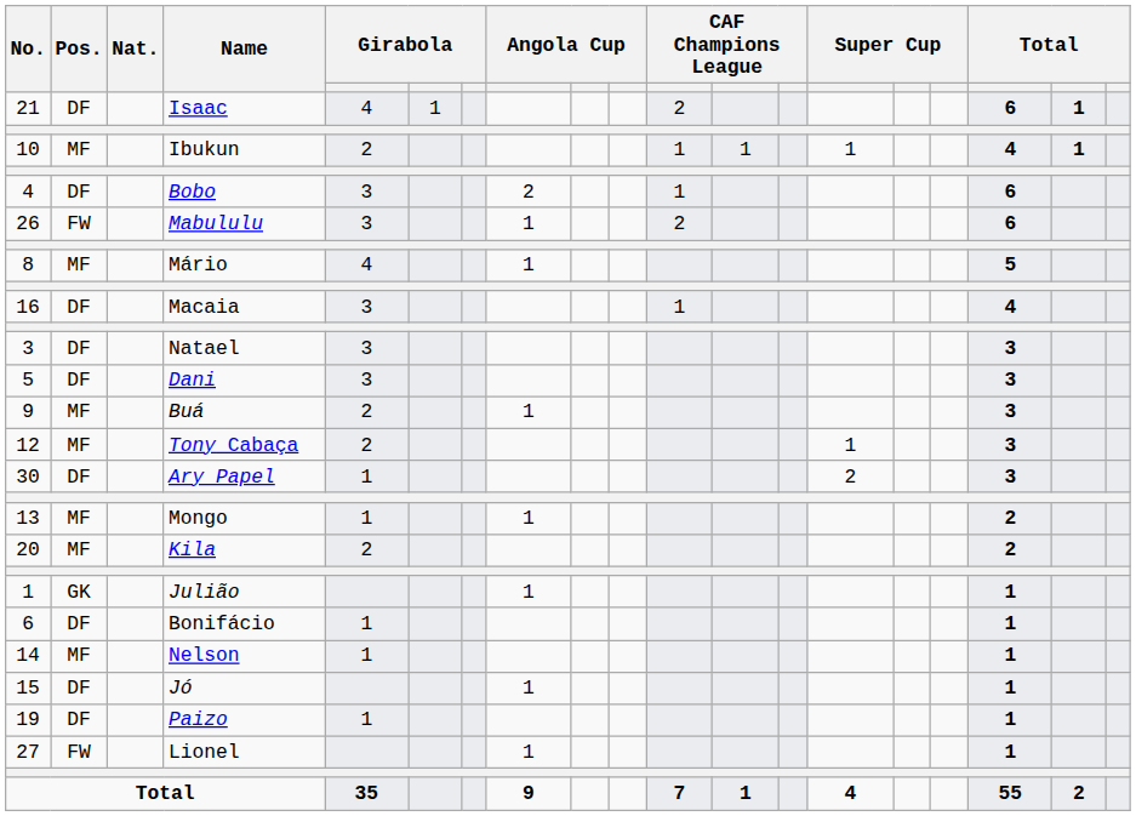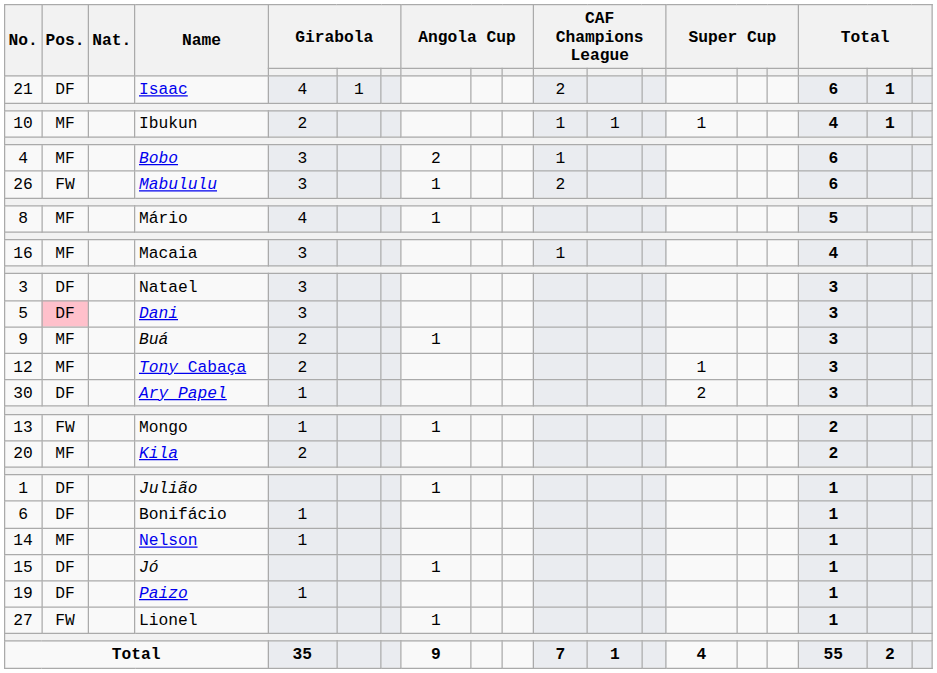 <table class="wikitable sortable" style="text-align:center">
 <tr>
 <th style="text-align:center;" rowspan="2">No.</th>
 <th style="text-align:center;" rowspan="2">Pos.</th>
 <th style="text-align:center;" rowspan="2">Nat.</th>
 <th style="text-align:center; width:100px;" rowspan="2">Name</th>
 <th style="text-align:center; width:100px;" colspan="3">Girabola</th>
 <th style="text-align:center; width:100px;" colspan="3">Angola Cup</th>
 <th style="text-align:center; width:100px;" colspan="3">CAF Champions League</th>
 <th style="text-align:center; width:100px;" colspan="3">Super Cup</th>
 <th style="text-align:center; width:100px;" colspan="3">Total</th>
 </tr>
 <tr>
 <th scope="col" class="unsortable"></th>
 <th scope="col" class="unsortable"></th>
 <th scope="col" class="unsortable"></th>
 <th scope="col" class="unsortable"></th>
 <th scope="col" class="unsortable"></th>
 <th scope="col" class="unsortable"></th>
 <th scope="col" class="unsortable"></th>
 <th scope="col" class="unsortable"></th>
 <th scope="col" class="unsortable"></th>
 <th scope="col" class="unsortable"></th>
 <th scope="col" class="unsortable"></th>
 <th scope="col" class="unsortable"></th>
 <th scope="col" class="unsortable"></th>
 <th scope="col" class="unsortable"></th>
 <th scope="col" class="unsortable"></th>
 </tr>
 <tr>
 <td>21</td>
 <td data-sort-value="2">DF</td>
 <td></td>
 <td align=left><a href='#'>Isaac</a></td>
 <td style="background:#eaecf0;">4</td>
 <td style="background:#eaecf0;">1</td>
 <td style="background:#eaecf0;"></td>
 <td></td>
 <td></td>
 <td></td>
 <td style="background:#eaecf0;">2</td>
 <td style="background:#eaecf0;"></td>
 <td style="background:#eaecf0;"></td>
 <td></td>
 <td></td>
 <td></td>
 <td style="background:#eaecf0;"><strong>6</strong></td>
 <td style="background:#eaecf0;"><strong>1</strong></td>
 <td style="background:#eaecf0;"></td>
 </tr>
 <tr>
 <th colspan=19></th>
 </tr>
 <tr>
 <td>10</td>
 <td data-sort-value="3">MF</td>
 <td></td>
 <td align=left>Ibukun</td>
 <td style="background:#eaecf0;">2</td>
 <td style="background:#eaecf0;"></td>
 <td style="background:#eaecf0;"></td>
 <td></td>
 <td></td>
 <td></td>
 <td style="background:#eaecf0;">1</td>
 <td style="background:#eaecf0;">1</td>
 <td style="background:#eaecf0;"></td>
 <td>1</td>
 <td></td>
 <td></td>
 <td style="background:#eaecf0;"><strong>4</strong></td>
 <td style="background:#eaecf0;"><strong>1</strong></td>
 <td style="background:#eaecf0;"></td>
 </tr>
 <tr>
 <th colspan=19></th>
 </tr>
 <tr>
 <td>4</td>
-<td data-sort-value="2">DF</td>
+<td data-sort-value="3">MF</td>
 <td></td>
 <td align=left><em><a href='#'>Bobo</a></em></td>
 <td style="background:#eaecf0;">3</td>
 <td style="background:#eaecf0;"></td>
 <td style="background:#eaecf0;"></td>
 <td>2</td>
 <td></td>
 <td></td>
 <td style="background:#eaecf0;">1</td>
 <td style="background:#eaecf0;"></td>
 <td style="background:#eaecf0;"></td>
 <td></td>
 <td></td>
 <td></td>
 <td style="background:#eaecf0;"><strong>6</strong></td>
 <td style="background:#eaecf0;"></td>
 <td style="background:#eaecf0;"></td>
 </tr>
 <tr>
 <td>26</td>
 <td>FW</td>
 <td></td>
 <td align=left><em><a href='#'>Mabululu</a></em></td>
 <td style="background:#eaecf0;">3</td>
 <td style="background:#eaecf0;"></td>
 <td style="background:#eaecf0;"></td>
 <td>1</td>
 <td></td>
 <td></td>
 <td style="background:#eaecf0;">2</td>
 <td style="background:#eaecf0;"></td>
 <td style="background:#eaecf0;"></td>
 <td></td>
 <td></td>
 <td></td>
 <td style="background:#eaecf0;"><strong>6</strong></td>
 <td style="background:#eaecf0;"></td>
 <td style="background:#eaecf0;"></td>
 </tr>
 <tr>
 <th colspan=19></th>
 </tr>
 <tr>
 <td>8</td>
 <td data-sort-value="3">MF</td>
 <td></td>
 <td align=left>Mário</td>
 <td style="background:#eaecf0;">4</td>
 <td style="background:#eaecf0;"></td>
 <td style="background:#eaecf0;"></td>
 <td>1</td>
 <td></td>
 <td></td>
 <td style="background:#eaecf0;"></td>
 <td style="background:#eaecf0;"></td>
 <td style="background:#eaecf0;"></td>
 <td></td>
 <td></td>
 <td></td>
 <td style="background:#eaecf0;"><strong>5</strong></td>
 <td style="background:#eaecf0;"></td>
 <td style="background:#eaecf0;"></td>
 </tr>
 <tr>
 <th colspan=19></th>
 </tr>
 <tr>
 <td>16</td>
-<td data-sort-value="2">DF</td>
+<td data-sort-value="3">MF</td>
 <td></td>
 <td align=left>Macaia</td>
 <td style="background:#eaecf0;">3</td>
 <td style="background:#eaecf0;"></td>
 <td style="background:#eaecf0;"></td>
 <td></td>
 <td></td>
 <td></td>
 <td style="background:#eaecf0;">1</td>
 <td style="background:#eaecf0;"></td>
 <td style="background:#eaecf0;"></td>
 <td></td>
 <td></td>
 <td></td>
 <td style="background:#eaecf0;"><strong>4</strong></td>
 <td style="background:#eaecf0;"></td>
 <td style="background:#eaecf0;"></td>
 </tr>
 <tr>
 <th colspan=19></th>
 </tr>
 <tr>
 <td>3</td>
 <td data-sort-value="2">DF</td>
 <td></td>
 <td align=left>Natael</td>
 <td style="background:#eaecf0;">3</td>
 <td style="background:#eaecf0;"></td>
 <td style="background:#eaecf0;"></td>
 <td></td>
 <td></td>
 <td></td>
 <td style="background:#eaecf0;"></td>
 <td style="background:#eaecf0;"></td>
 <td style="background:#eaecf0;"></td>
 <td></td>
 <td></td>
 <td></td>
 <td style="background:#eaecf0;"><strong>3</strong></td>
 <td style="background:#eaecf0;"></td>
 <td style="background:#eaecf0;"></td>
 </tr>
 <tr>
 <td>5</td>
-<td data-sort-value="2">DF</td>
+<td data-sort-value="2" style="background: pink;">DF</td>
 <td></td>
 <td align=left><em><a href='#'>Dani</a></em></td>
 <td style="background:#eaecf0;">3</td>
 <td style="background:#eaecf0;"></td>
 <td style="background:#eaecf0;"></td>
 <td></td>
 <td></td>
 <td></td>
 <td style="background:#eaecf0;"></td>
 <td style="background:#eaecf0;"></td>
 <td style="background:#eaecf0;"></td>
 <td></td>
 <td></td>
 <td></td>
 <td style="background:#eaecf0;"><strong>3</strong></td>
 <td style="background:#eaecf0;"></td>
 <td style="background:#eaecf0;"></td>
 </tr>
 <tr>
 <td>9</td>
 <td data-sort-value="3">MF</td>
 <td></td>
 <td align=left><em>Buá</em></td>
 <td style="background:#eaecf0;">2</td>
 <td style="background:#eaecf0;"></td>
 <td style="background:#eaecf0;"></td>
 <td>1</td>
 <td></td>
 <td></td>
 <td style="background:#eaecf0;"></td>
 <td style="background:#eaecf0;"></td>
 <td style="background:#eaecf0;"></td>
 <td></td>
 <td></td>
 <td></td>
 <td style="background:#eaecf0;"><strong>3</strong></td>
 <td style="background:#eaecf0;"></td>
 <td style="background:#eaecf0;"></td>
 </tr>
 <tr>
 <td>12</td>
 <td data-sort-value="3">MF</td>
 <td></td>
 <td align=left><a href='#'><em>Tony</em> Cabaça</a></td>
 <td style="background:#eaecf0;">2</td>
 <td style="background:#eaecf0;"></td>
 <td style="background:#eaecf0;"></td>
 <td></td>
 <td></td>
 <td></td>
 <td style="background:#eaecf0;"></td>
 <td style="background:#eaecf0;"></td>
 <td style="background:#eaecf0;"></td>
 <td>1</td>
 <td></td>
 <td></td>
 <td style="background:#eaecf0;"><strong>3</strong></td>
 <td style="background:#eaecf0;"></td>
 <td style="background:#eaecf0;"></td>
 </tr>
 <tr>
 <td>30</td>
 <td data-sort-value="2">DF</td>
 <td></td>
 <td align=left><em><a href='#'>Ary Papel</a></em></td>
 <td style="background:#eaecf0;">1</td>
 <td style="background:#eaecf0;"></td>
 <td style="background:#eaecf0;"></td>
 <td></td>
 <td></td>
 <td></td>
 <td style="background:#eaecf0;"></td>
 <td style="background:#eaecf0;"></td>
 <td style="background:#eaecf0;"></td>
 <td>2</td>
 <td></td>
 <td></td>
 <td style="background:#eaecf0;"><strong>3</strong></td>
 <td style="background:#eaecf0;"></td>
 <td style="background:#eaecf0;"></td>
 </tr>
 <tr>
 <th colspan=19></th>
 </tr>
 <tr>
 <td>13</td>
-<td data-sort-value="3">MF</td>
+<td>FW</td>
 <td></td>
 <td align=left>Mongo</td>
 <td style="background:#eaecf0;">1</td>
 <td style="background:#eaecf0;"></td>
 <td style="background:#eaecf0;"></td>
 <td>1</td>
 <td></td>
 <td></td>
 <td style="background:#eaecf0;"></td>
 <td style="background:#eaecf0;"></td>
 <td style="background:#eaecf0;"></td>
 <td></td>
 <td></td>
 <td></td>
 <td style="background:#eaecf0;"><strong>2</strong></td>
 <td style="background:#eaecf0;"></td>
 <td style="background:#eaecf0;"></td>
 </tr>
 <tr>
 <td>20</td>
 <td data-sort-value="3">MF</td>
 <td></td>
 <td align=left><em><a href='#'>Kila</a></em></td>
 <td style="background:#eaecf0;">2</td>
 <td style="background:#eaecf0;"></td>
 <td style="background:#eaecf0;"></td>
 <td></td>
 <td></td>
 <td></td>
 <td style="background:#eaecf0;"></td>
 <td style="background:#eaecf0;"></td>
 <td style="background:#eaecf0;"></td>
 <td></td>
 <td></td>
 <td></td>
 <td style="background:#eaecf0;"><strong>2</strong></td>
 <td style="background:#eaecf0;"></td>
 <td style="background:#eaecf0;"></td>
 </tr>
 <tr>
 <th colspan=19></th>
 </tr>
 <tr>
 <td>1</td>
-<td data-sort-value="1">GK</td>
+<td data-sort-value="2">DF</td>
 <td></td>
 <td align=left><em>Julião</em></td>
 <td style="background:#eaecf0;"></td>
 <td style="background:#eaecf0;"></td>
 <td style="background:#eaecf0;"></td>
 <td>1</td>
 <td></td>
 <td></td>
 <td style="background:#eaecf0;"></td>
 <td style="background:#eaecf0;"></td>
 <td style="background:#eaecf0;"></td>
 <td></td>
 <td></td>
 <td></td>
 <td style="background:#eaecf0;"><strong>1</strong></td>
 <td style="background:#eaecf0;"></td>
 <td style="background:#eaecf0;"></td>
 </tr>
 <tr>
 <td>6</td>
 <td data-sort-value="2">DF</td>
 <td></td>
 <td align=left>Bonifácio</td>
 <td style="background:#eaecf0;">1</td>
 <td style="background:#eaecf0;"></td>
 <td style="background:#eaecf0;"></td>
 <td></td>
 <td></td>
 <td></td>
 <td style="background:#eaecf0;"></td>
 <td style="background:#eaecf0;"></td>
 <td style="background:#eaecf0;"></td>
 <td></td>
 <td></td>
 <td></td>
 <td style="background:#eaecf0;"><strong>1</strong></td>
 <td style="background:#eaecf0;"></td>
 <td style="background:#eaecf0;"></td>
 </tr>
 <tr>
 <td>14</td>
 <td data-sort-value="3">MF</td>
 <td></td>
 <td align=left><a href='#'>Nelson</a></td>
 <td style="background:#eaecf0;">1</td>
 <td style="background:#eaecf0;"></td>
 <td style="background:#eaecf0;"></td>
 <td></td>
 <td></td>
 <td></td>
 <td style="background:#eaecf0;"></td>
 <td style="background:#eaecf0;"></td>
 <td style="background:#eaecf0;"></td>
 <td></td>
 <td></td>
 <td></td>
 <td style="background:#eaecf0;"><strong>1</strong></td>
 <td style="background:#eaecf0;"></td>
 <td style="background:#eaecf0;"></td>
 </tr>
 <tr>
 <td>15</td>
 <td data-sort-value="2">DF</td>
 <td></td>
 <td align=left><em>Jó</em></td>
 <td style="background:#eaecf0;"></td>
 <td style="background:#eaecf0;"></td>
 <td style="background:#eaecf0;"></td>
 <td>1</td>
 <td></td>
 <td></td>
 <td style="background:#eaecf0;"></td>
 <td style="background:#eaecf0;"></td>
 <td style="background:#eaecf0;"></td>
 <td></td>
 <td></td>
 <td></td>
 <td style="background:#eaecf0;"><strong>1</strong></td>
 <td style="background:#eaecf0;"></td>
 <td style="background:#eaecf0;"></td>
 </tr>
 <tr>
 <td>19</td>
 <td data-sort-value="2">DF</td>
 <td></td>
 <td align=left><em><a href='#'>Paizo</a></em></td>
 <td style="background:#eaecf0;">1</td>
 <td style="background:#eaecf0;"></td>
 <td style="background:#eaecf0;"></td>
 <td></td>
 <td></td>
 <td></td>
 <td style="background:#eaecf0;"></td>
 <td style="background:#eaecf0;"></td>
 <td style="background:#eaecf0;"></td>
 <td></td>
 <td></td>
 <td></td>
 <td style="background:#eaecf0;"><strong>1</strong></td>
 <td style="background:#eaecf0;"></td>
 <td style="background:#eaecf0;"></td>
 </tr>
 <tr>
 <td>27</td>
 <td>FW</td>
 <td></td>
 <td align=left>Lionel</td>
 <td style="background:#eaecf0;"></td>
 <td style="background:#eaecf0;"></td>
 <td style="background:#eaecf0;"></td>
 <td>1</td>
 <td></td>
 <td></td>
 <td style="background:#eaecf0;"></td>
 <td style="background:#eaecf0;"></td>
 <td style="background:#eaecf0;"></td>
 <td></td>
 <td></td>
 <td></td>
 <td style="background:#eaecf0;"><strong>1</strong></td>
 <td style="background:#eaecf0;"></td>
 <td style="background:#eaecf0;"></td>
 </tr>
 <tr>
 <th colspan=19></th>
 </tr>
 <tr>
 <td colspan=4><strong>Total</strong></td>
 <td style="background:#eaecf0;"><strong>35</strong></td>
 <td style="background:#eaecf0;"></td>
 <td style="background:#eaecf0;"></td>
 <td><strong>9</strong></td>
 <td></td>
 <td></td>
 <td style="background:#eaecf0;"><strong>7</strong></td>
 <td style="background:#eaecf0;"><strong>1</strong></td>
 <td style="background:#eaecf0;"></td>
 <td><strong>4</strong></td>
 <td></td>
 <td></td>
 <td style="background:#eaecf0;"><strong>55</strong></td>
 <td style="background:#eaecf0;"><strong>2</strong></td>
 <td style="background:#eaecf0;"></td>
 </tr>
 </table>
